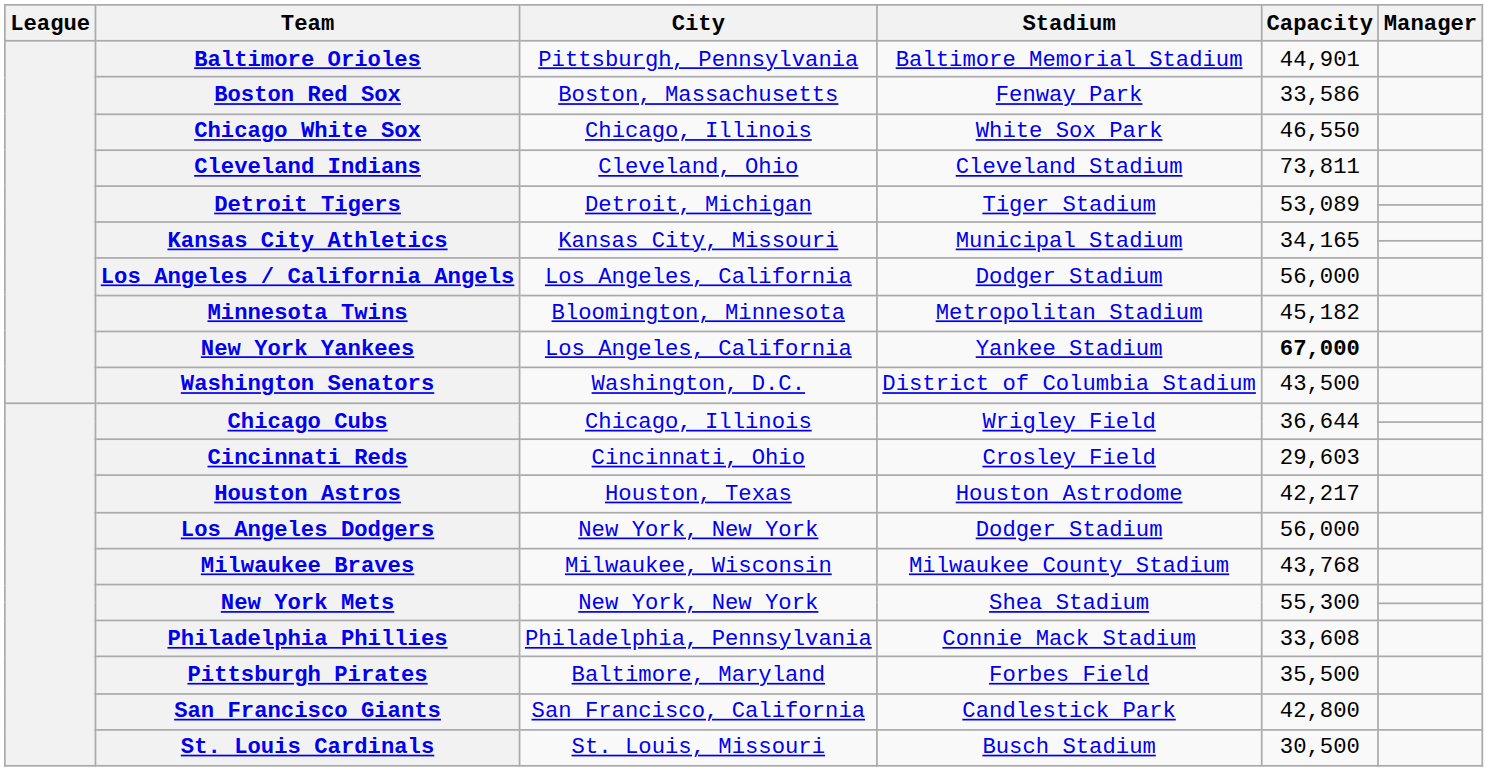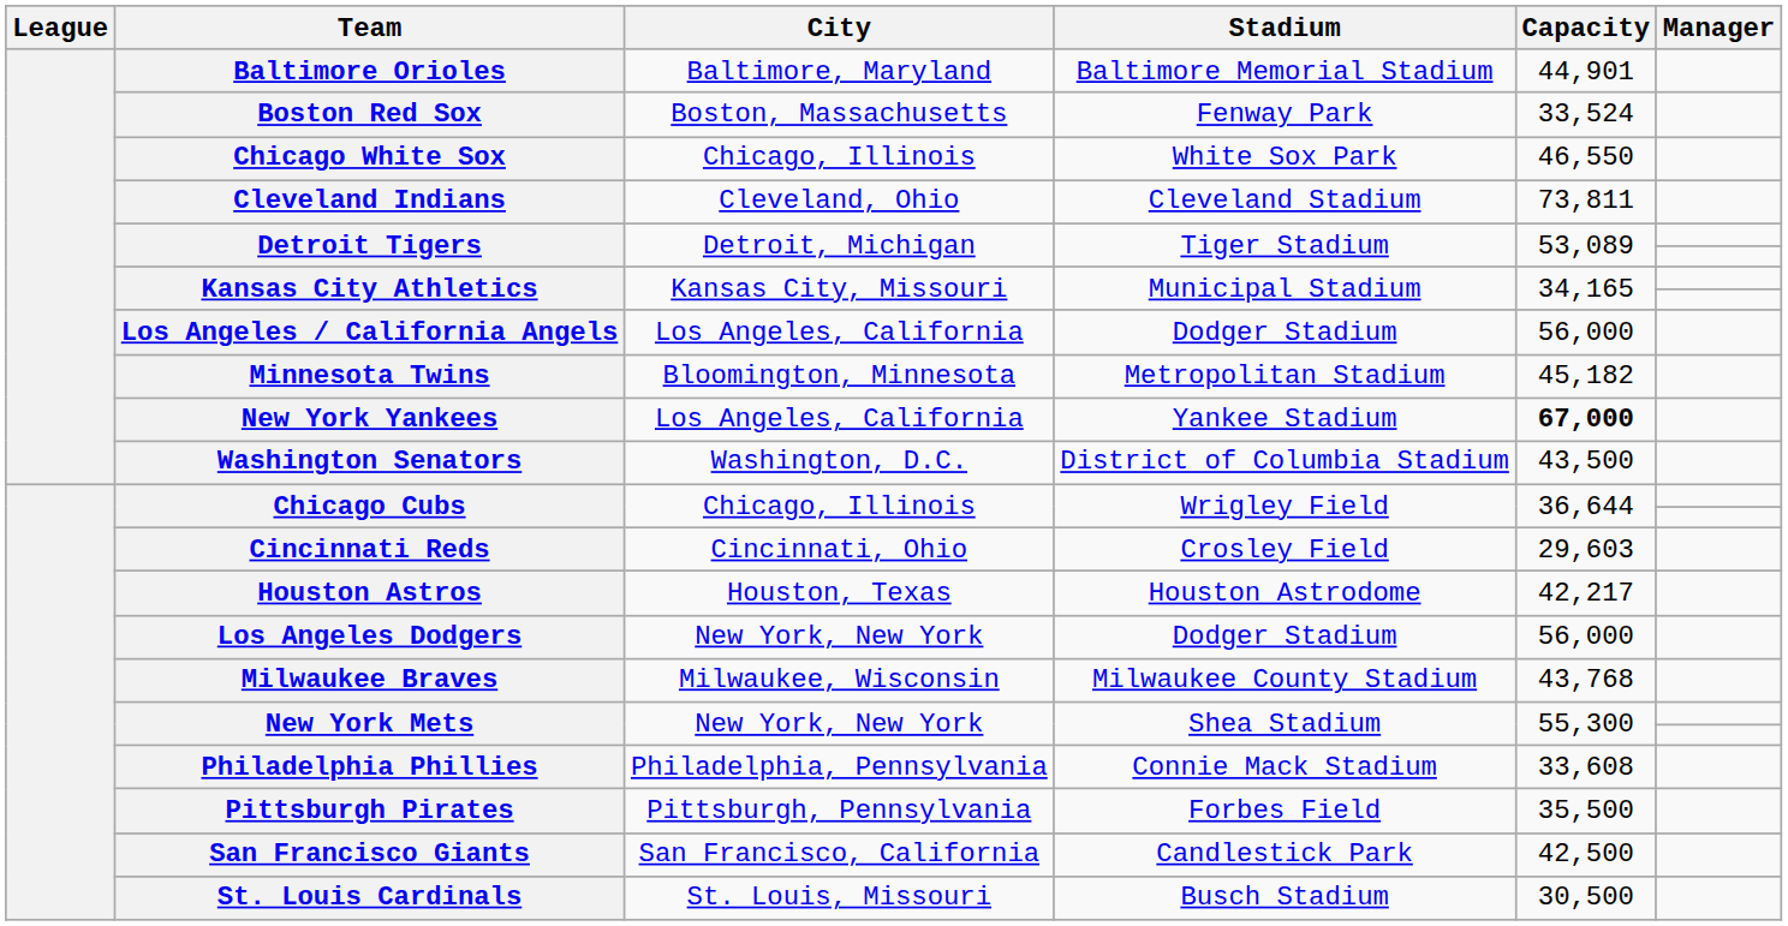 <table class="wikitable sortable plainrowheaders" style="text-align:center;">
 <tr>
 <th scope="col">League</th>
 <th scope="col">Team</th>
 <th scope="col">City</th>
 <th scope="col">Stadium</th>
 <th scope="col">Capacity</th>
 <th scope="col">Manager</th>
 </tr>
 <tr>
 <th rowspan="12"></th>
 <th scope="row"><a href='#'>Baltimore Orioles</a></th>
-<td><a href='#'>Pittsburgh, Pennsylvania</a></td>
+<td><a href='#'>Baltimore, Maryland</a></td>
 <td><a href='#'>Baltimore Memorial Stadium</a></td>
 <td>44,901</td>
 <td></td>
 </tr>
 <tr>
 <th scope="row"><a href='#'>Boston Red Sox</a></th>
 <td><a href='#'>Boston, Massachusetts</a></td>
 <td><a href='#'>Fenway Park</a></td>
-<td>33,586</td>
+<td>33,524</td>
 <td></td>
 </tr>
 <tr>
 <th scope="row"><a href='#'>Chicago White Sox</a></th>
 <td><a href='#'>Chicago, Illinois</a></td>
 <td><a href='#'>White Sox Park</a></td>
 <td>46,550</td>
 <td></td>
 </tr>
 <tr>
 <th scope="row"><a href='#'>Cleveland Indians</a></th>
 <td><a href='#'>Cleveland, Ohio</a></td>
 <td><a href='#'>Cleveland Stadium</a></td>
 <td>73,811</td>
 <td></td>
 </tr>
 <tr>
 <th rowspan="2" scope="row"><a href='#'>Detroit Tigers</a></th>
 <td rowspan="2"><a href='#'>Detroit, Michigan</a></td>
 <td rowspan="2"><a href='#'>Tiger Stadium</a></td>
 <td rowspan="2">53,089</td>
 <td></td>
 </tr>
 <tr>
 <td></td>
 </tr>
 <tr>
 <th rowspan="2" scope="row"><a href='#'>Kansas City Athletics</a></th>
 <td rowspan="2"><a href='#'>Kansas City, Missouri</a></td>
 <td rowspan="2"><a href='#'>Municipal Stadium</a></td>
 <td rowspan="2">34,165</td>
 <td></td>
 </tr>
 <tr>
 <td></td>
 </tr>
 <tr>
 <th scope="row"><a href='#'>Los Angeles / California Angels</a></th>
 <td><a href='#'>Los Angeles, California</a></td>
 <td><a href='#'>Dodger Stadium</a></td>
 <td>56,000</td>
 <td></td>
 </tr>
 <tr>
 <th scope="row"><a href='#'>Minnesota Twins</a></th>
 <td><a href='#'>Bloomington, Minnesota</a></td>
 <td><a href='#'>Metropolitan Stadium</a></td>
 <td>45,182</td>
 <td></td>
 </tr>
 <tr>
 <th scope="row"><a href='#'>New York Yankees</a></th>
 <td><a href='#'>Los Angeles, California</a></td>
 <td><a href='#'>Yankee Stadium</a></td>
 <td><strong>67,000</strong></td>
 <td></td>
 </tr>
 <tr>
 <th scope="row"><a href='#'>Washington Senators</a></th>
 <td><a href='#'>Washington, D.C.</a></td>
 <td><a href='#'>District of Columbia Stadium</a></td>
 <td>43,500</td>
 <td></td>
 </tr>
 <tr>
 <th rowspan="12"></th>
 <th rowspan="2" scope="row"><a href='#'>Chicago Cubs</a></th>
 <td rowspan="2"><a href='#'>Chicago, Illinois</a></td>
 <td rowspan="2"><a href='#'>Wrigley Field</a></td>
 <td rowspan="2">36,644</td>
 <td></td>
 </tr>
 <tr>
 <td></td>
 </tr>
 <tr>
 <th scope="row"><a href='#'>Cincinnati Reds</a></th>
 <td><a href='#'>Cincinnati, Ohio</a></td>
 <td><a href='#'>Crosley Field</a></td>
 <td>29,603</td>
 <td></td>
 </tr>
 <tr>
 <th scope="row"><a href='#'>Houston Astros</a></th>
 <td><a href='#'>Houston, Texas</a></td>
 <td><a href='#'>Houston Astrodome</a></td>
 <td>42,217</td>
 <td></td>
 </tr>
 <tr>
 <th scope="row"><a href='#'>Los Angeles Dodgers</a></th>
 <td><a href='#'>New York, New York</a></td>
 <td><a href='#'>Dodger Stadium</a></td>
 <td>56,000</td>
 <td></td>
 </tr>
 <tr>
 <th scope="row"><a href='#'>Milwaukee Braves</a></th>
 <td><a href='#'>Milwaukee, Wisconsin</a></td>
 <td><a href='#'>Milwaukee County Stadium</a></td>
 <td>43,768</td>
 <td></td>
 </tr>
 <tr>
 <th rowspan="2" scope="row"><a href='#'>New York Mets</a></th>
 <td rowspan="2"><a href='#'>New York, New York</a></td>
 <td rowspan="2"><a href='#'>Shea Stadium</a></td>
 <td rowspan="2">55,300</td>
 <td></td>
 </tr>
 <tr>
 <td></td>
 </tr>
 <tr>
 <th scope="row"><a href='#'>Philadelphia Phillies</a></th>
 <td><a href='#'>Philadelphia, Pennsylvania</a></td>
 <td><a href='#'>Connie Mack Stadium</a></td>
 <td>33,608</td>
 <td></td>
 </tr>
 <tr>
 <th scope="row"><a href='#'>Pittsburgh Pirates</a></th>
-<td><a href='#'>Baltimore, Maryland</a></td>
+<td><a href='#'>Pittsburgh, Pennsylvania</a></td>
 <td><a href='#'>Forbes Field</a></td>
 <td>35,500</td>
 <td></td>
 </tr>
 <tr>
 <th scope="row"><a href='#'>San Francisco Giants</a></th>
 <td><a href='#'>San Francisco, California</a></td>
 <td><a href='#'>Candlestick Park</a></td>
-<td>42,800</td>
+<td>42,500</td>
 <td></td>
 </tr>
 <tr>
 <th scope="row"><a href='#'>St. Louis Cardinals</a></th>
 <td><a href='#'>St. Louis, Missouri</a></td>
 <td><a href='#'>Busch Stadium</a></td>
 <td>30,500</td>
 <td></td>
 </tr>
 </table>
